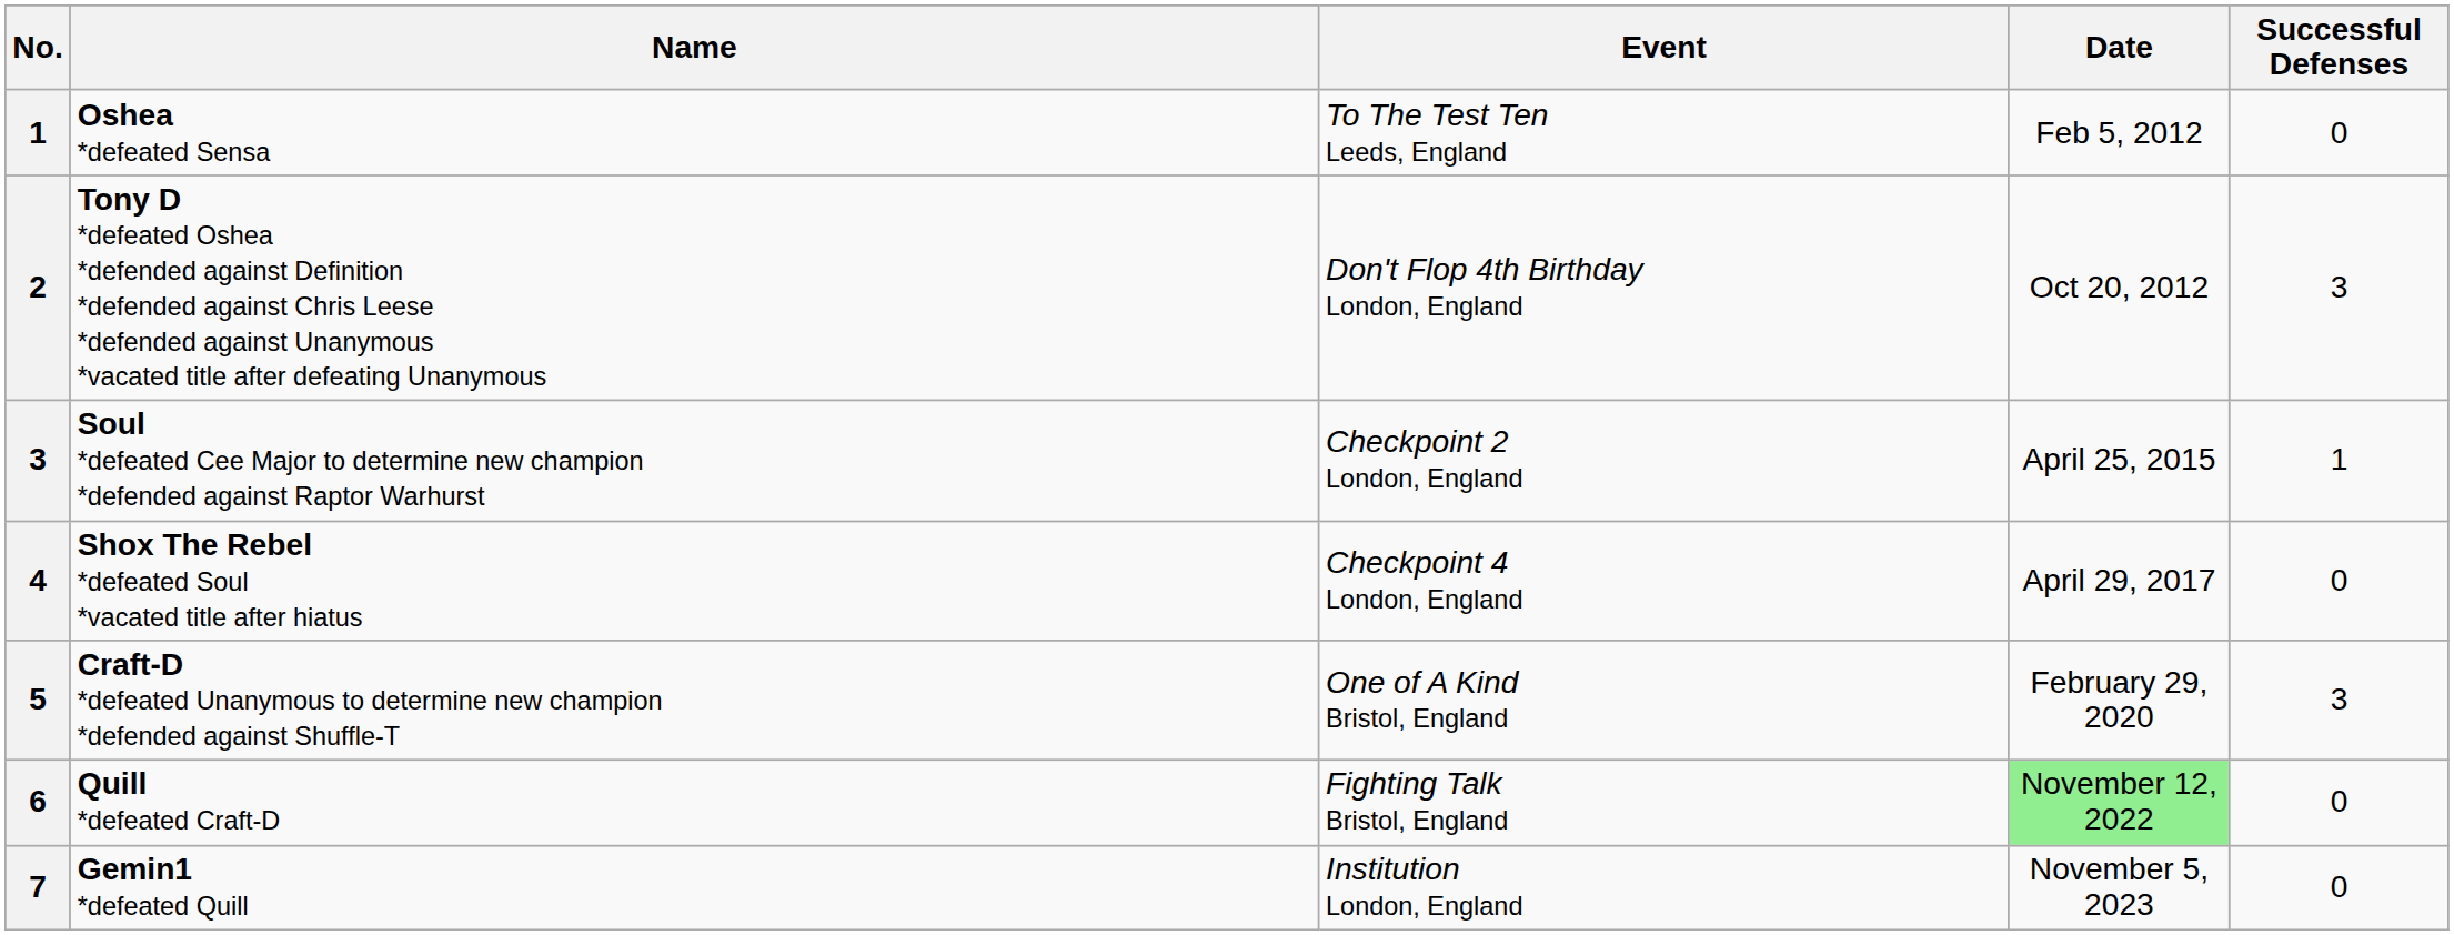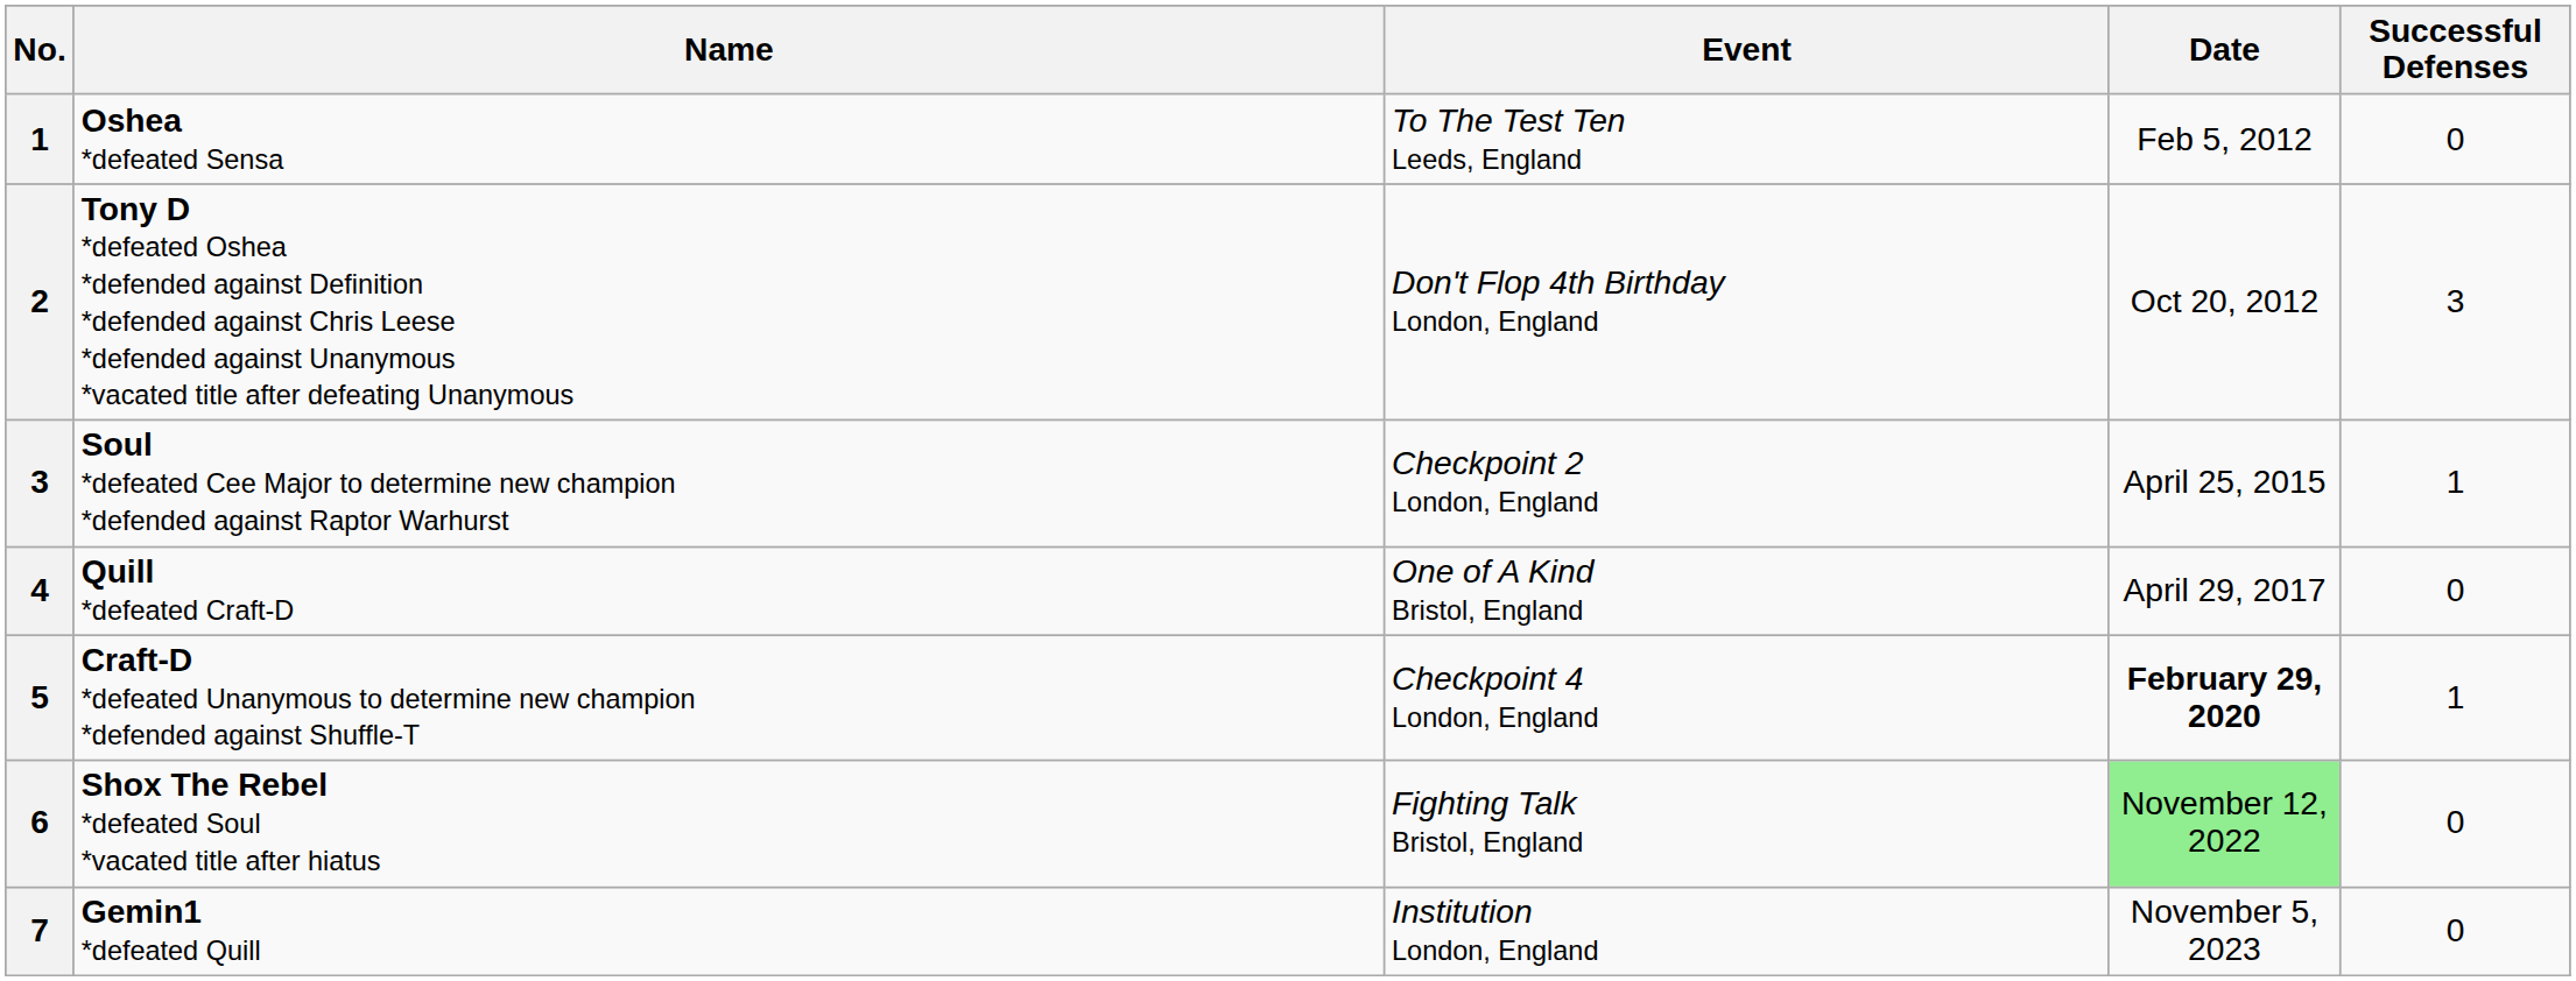 <table class="wikitable" width="99%">
 <tr>
 <th width="2%">No.</th>
 <th>Name</th>
 <th>Event</th>
 <th width="9%">Date</th>
 <th width="9%">Successful Defenses</th>
 </tr>
 <tr>
 <th>1</th>
 <td><strong>Oshea</strong><br><small>*defeated Sensa</small></td>
 <td><em>To The Test Ten</em><br><small>Leeds, England</small></td>
 <td align="center">Feb 5, 2012</td>
 <td align="center">0</td>
 </tr>
 <tr>
 <th>2</th>
 <td><strong>Tony D</strong> <br><small>*defeated Oshea</small><br><small>*defended against Definition</small><br><small>*defended against Chris Leese</small><br><small>*defended against Unanymous</small><br><small>*vacated title after defeating Unanymous</small></td>
 <td><em>Don't Flop 4th Birthday</em><br><small>London, England</small></td>
 <td align="center">Oct 20, 2012</td>
 <td align="center">3</td>
 </tr>
 <tr>
 <th>3</th>
 <td><strong>Soul</strong><br><small>*defeated Cee Major to determine new champion</small><br><small>*defended against Raptor Warhurst</small></td>
 <td><em>Checkpoint 2</em><br><small>London, England</small></td>
 <td align="center">April 25, 2015</td>
 <td align="center">1</td>
 </tr>
 <tr>
 <th>4</th>
-<td><strong>Shox The Rebel</strong><br><small>*defeated Soul</small><br><small>*vacated title after hiatus</small></td>
-<td><em>Checkpoint 4</em><br><small>London, England</small></td>
+<td><strong>Quill</strong><br><small>*defeated Craft-D</small><br><small></small></td>
+<td><em>One of A Kind</em><br><small>Bristol, England</small></td>
 <td align="center">April 29, 2017</td>
 <td align="center">0</td>
 </tr>
 <tr>
 <th>5</th>
 <td><strong>Craft-D</strong><br><small>*defeated Unanymous to determine new champion</small><br><small>*defended against Shuffle-T</small> <small></small></td>
-<td><em>One of A Kind</em><br><small>Bristol, England</small></td>
-<td align="center">February 29, 2020</td>
-<td align="center">3</td>
+<td><em>Checkpoint 4</em><br><small>London, England</small></td>
+<td align="center"><strong>February 29, 2020</strong></td>
+<td align="center">1</td>
 </tr>
 <tr>
 <th>6</th>
-<td><strong>Quill</strong><br><small>*defeated Craft-D</small><br><small></small></td>
+<td><strong>Shox The Rebel</strong><br><small>*defeated Soul</small><br><small>*vacated title after hiatus</small></td>
 <td><em>Fighting Talk</em><br><small>Bristol, England</small></td>
 <td align="center" style="background: lightgreen;">November 12, 2022</td>
 <td align="center">0</td>
 </tr>
 <tr>
 <th>7</th>
 <td><strong>Gemin1</strong><br><small>*defeated Quill</small><br><small></small></td>
 <td><em>Institution</em><br><small>London, England</small></td>
 <td align="center">November 5, 2023</td>
 <td align="center">0</td>
 </tr>
 </table>
